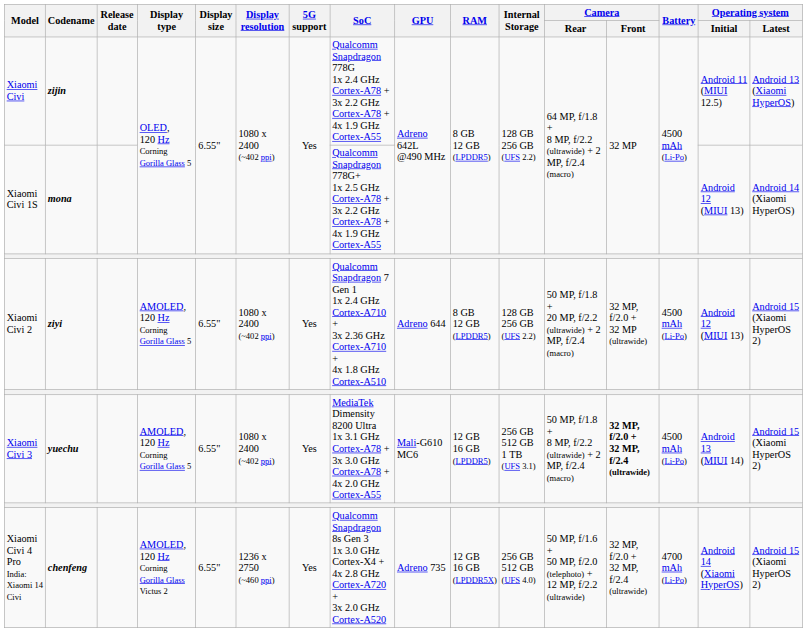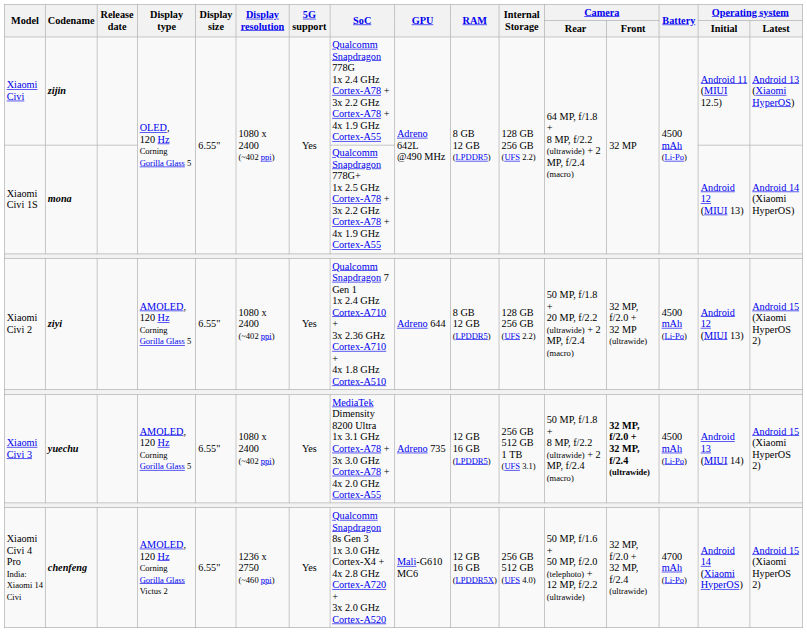 <table class="wikitable sortable mw-collapsible">
 <tr>
 <th rowspan="2">Model</th>
 <th rowspan="2">Codename</th>
 <th rowspan="2">Release date </th>
 <th rowspan="2">Display type</th>
 <th rowspan="2">Display size</th>
 <th rowspan="2"><a href='#'>Display resolution</a></th>
 <th rowspan="2"><a href='#'>5G</a> support</th>
 <th rowspan="2"><a href='#'>SoC</a></th>
 <th rowspan="2"><a href='#'>GPU</a></th>
 <th rowspan="2"><a href='#'>RAM</a></th>
 <th rowspan="2">Internal Storage</th>
 <th colspan="2"><a href='#'>Camera</a></th>
 <th rowspan="2"><a href='#'>Battery</a></th>
 <th colspan="2"><a href='#'>Operating system</a></th>
 </tr>
 <tr>
 <th>Rear</th>
 <th>Front</th>
 <th>Initial</th>
 <th>Latest</th>
 </tr>
 <tr>
 <td><a href='#'>Xiaomi Civi</a></td>
 <td><strong><em>zijin</em></strong></td>
 <td></td>
 <td rowspan="2"><a href='#'>OLED</a>, 120 <a href='#'>Hz</a><br><small>Corning <a href='#'>Gorilla Glass</a> 5</small></td>
 <td rowspan="2">6.55"</td>
 <td rowspan="2">1080 x 2400<br><small>(~402 <a href='#'>ppi</a>)</small></td>
 <td rowspan="2" style="text-align:center;">Yes</td>
 <td><a href='#'>Qualcomm Snapdragon</a> 778G<br>1x 2.4 GHz <a href='#'>Cortex-A78</a> +<br>3x 2.2 GHz <a href='#'>Cortex-A78</a> +<br>4x 1.9 GHz <a href='#'>Cortex-A55</a></td>
 <td rowspan="2"><a href='#'>Adreno</a> 642L<br>@490 MHz</td>
 <td rowspan="2">8 GB<br>12 GB<br><small>(<a href='#'>LPDDR5</a>)</small></td>
 <td rowspan="2">128 GB<br>256 GB<br><small>(<a href='#'>UFS</a> 2.2)</small></td>
 <td rowspan="2">64 MP, f/1.8 +<br>8 MP, f/2.2 <small>(ultrawide)</small> + 2 MP, f/2.4 <small>(macro)</small></td>
 <td rowspan="2">32 MP</td>
 <td rowspan="2">4500 <a href='#'>mAh</a><br><small>(<a href='#'>Li-Po</a>)</small></td>
 <td><a href='#'>Android 11</a><br>(<a href='#'>MIUI</a> 12.5)</td>
 <td><a href='#'>Android 13</a><br>(<a href='#'>Xiaomi HyperOS</a>)</td>
 </tr>
 <tr>
 <td>Xiaomi Civi 1S</td>
 <td><strong><em>mona</em></strong></td>
 <td></td>
 <td><a href='#'>Qualcomm Snapdragon</a> 778G+<br>1x 2.5 GHz <a href='#'>Cortex-A78</a> +<br>3x 2.2 GHz <a href='#'>Cortex-A78</a> +<br>4x 1.9 GHz <a href='#'>Cortex-A55</a></td>
 <td><a href='#'>Android 12</a><br>(<a href='#'>MIUI</a> 13)</td>
 <td><a href='#'>Android 14</a><br>(Xiaomi HyperOS)</td>
 </tr>
 <tr>
 <th colspan="16"></th>
 </tr>
 <tr>
 <td>Xiaomi Civi 2</td>
 <td><strong><em>ziyi</em></strong></td>
 <td></td>
 <td><a href='#'>AMOLED</a>, 120 <a href='#'>Hz</a><br><small>Corning <a href='#'>Gorilla Glass</a> 5</small></td>
 <td>6.55"</td>
 <td>1080 x 2400<br><small>(~402 <a href='#'>ppi</a>)</small></td>
 <td style="text-align:center;">Yes</td>
 <td><a href='#'>Qualcomm Snapdragon</a> 7 Gen 1<br>1x 2.4 GHz <a href='#'>Cortex-A710</a> +<br>3x 2.36 GHz <a href='#'>Cortex-A710</a> +<br>4x 1.8 GHz <a href='#'>Cortex-A510</a></td>
 <td><a href='#'>Adreno</a> 644</td>
 <td>8 GB<br>12 GB<br><small>(<a href='#'>LPDDR5</a>)</small></td>
 <td>128 GB<br>256 GB<br><small>(<a href='#'>UFS</a> 2.2)</small></td>
 <td>50 MP, f/1.8 +<br>20 MP, f/2.2 <small>(ultrawide)</small> + 2 MP, f/2.4 <small>(macro)</small></td>
 <td>32 MP, f/2.0 +<br>32 MP <small>(ultrawide)</small></td>
 <td>4500 <a href='#'>mAh</a><br><small>(<a href='#'>Li-Po</a>)</small></td>
 <td><a href='#'>Android 12</a><br>(<a href='#'>MIUI</a> 13)</td>
 <td><a href='#'>Android 15</a><br>(Xiaomi HyperOS 2)</td>
 </tr>
 <tr>
 <th colspan="16"></th>
 </tr>
 <tr>
 <td><a href='#'>Xiaomi Civi 3</a></td>
 <td><strong><em>yuechu</em></strong></td>
 <td></td>
 <td><a href='#'>AMOLED</a>, 120 <a href='#'>Hz</a><br><small>Corning <a href='#'>Gorilla Glass</a> 5</small></td>
 <td>6.55"</td>
 <td>1080 x 2400<br><small>(~402 <a href='#'>ppi</a>)</small></td>
 <td style="text-align:center;">Yes</td>
 <td><a href='#'>MediaTek</a> Dimensity 8200 Ultra<br>1x 3.1 GHz <a href='#'>Cortex-A78</a> +<br>3x 3.0 GHz <a href='#'>Cortex-A78</a> +<br>4x 2.0 GHz <a href='#'>Cortex-A55</a></td>
-<td><a href='#'>Mali</a>-G610 MC6</td>
+<td><a href='#'>Adreno</a> 735</td>
 <td>12 GB<br>16 GB<br><small>(<a href='#'>LPDDR5</a>)</small></td>
 <td>256 GB<br>512 GB<br>1 TB<br><small>(<a href='#'>UFS</a> 3.1)</small></td>
 <td>50 MP, f/1.8 +<br>8 MP, f/2.2 <small>(ultrawide)</small> + 2 MP, f/2.4 <small>(macro)</small></td>
 <td><strong>32 MP, f/2.0 +<br>32 MP, f/2.4 <small>(ultrawide)</small></strong></td>
 <td>4500 <a href='#'>mAh</a><br><small>(<a href='#'>Li-Po</a>)</small></td>
 <td><a href='#'>Android 13</a><br>(<a href='#'>MIUI</a> 14)</td>
 <td><a href='#'>Android 15</a><br>(Xiaomi HyperOS 2)</td>
 </tr>
 <tr>
 <th colspan="16"></th>
 </tr>
 <tr>
 <td>Xiaomi Civi 4 Pro<br><small>India: Xiaomi 14 Civi</small></td>
 <td><strong><em>chenfeng</em></strong></td>
 <td></td>
 <td><a href='#'>AMOLED</a>, 120 <a href='#'>Hz</a><br><small>Corning <a href='#'>Gorilla Glass</a> Victus 2</small></td>
 <td>6.55"</td>
 <td>1236 x 2750<br><small>(~460 <a href='#'>ppi</a>)</small></td>
 <td style="text-align:center;">Yes</td>
 <td><a href='#'>Qualcomm Snapdragon</a> 8s Gen 3<br>1x 3.0 GHz Cortex-X4 +<br>4x 2.8 GHz <a href='#'>Cortex-A720</a> +<br>3x 2.0 GHz <a href='#'>Cortex-A520</a></td>
-<td><a href='#'>Adreno</a> 735</td>
+<td><a href='#'>Mali</a>-G610 MC6</td>
 <td>12 GB<br>16 GB<br><small>(<a href='#'>LPDDR5X</a>)</small></td>
 <td>256 GB<br>512 GB<br><small>(<a href='#'>UFS</a> 4.0)</small></td>
 <td>50 MP, f/1.6 +<br>50 MP, f/2.0 <small>(telephoto)</small> + 12 MP, f/2.2 <small>(ultrawide)</small></td>
 <td>32 MP, f/2.0 +<br>32 MP, f/2.4 <small>(ultrawide)</small></td>
 <td>4700 <a href='#'>mAh</a><br><small>(<a href='#'>Li-Po</a>)</small></td>
 <td><a href='#'>Android 14</a><br>(<a href='#'>Xiaomi HyperOS</a>)</td>
 <td><a href='#'>Android 15</a><br>(Xiaomi HyperOS 2)</td>
 </tr>
 </table>
